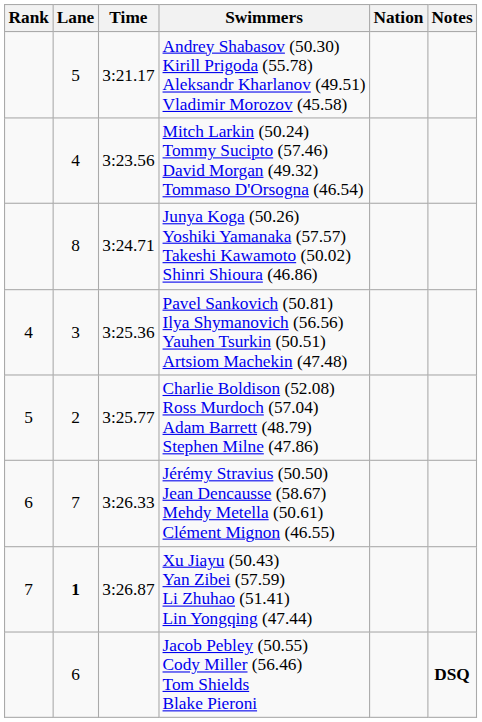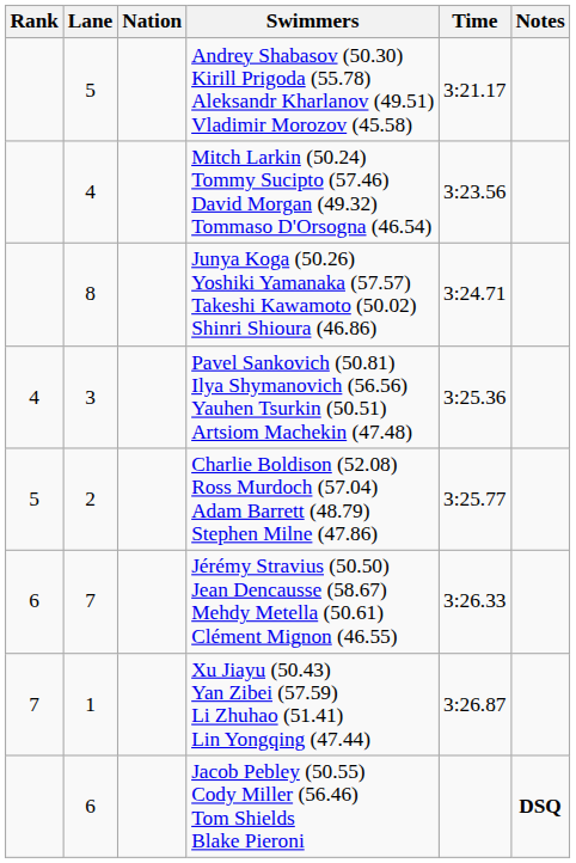 <table class="wikitable sortable" style="text-align:center">
 <tr>
 <th>Rank</th>
 <th>Lane</th>
+<th>Nation</th>
+<th>Swimmers</th>
 <th>Time</th>
-<th>Swimmers</th>
-<th>Nation</th>
 <th>Notes</th>
 </tr>
 <tr>
 <td></td>
 <td>5</td>
+<td align=left></td>
+<td align=left><a href='#'>Andrey Shabasov</a> (50.30)<br><a href='#'>Kirill Prigoda</a> (55.78)<br><a href='#'>Aleksandr Kharlanov</a> (49.51)<br><a href='#'>Vladimir Morozov</a> (45.58)</td>
 <td>3:21.17</td>
-<td align=left><a href='#'>Andrey Shabasov</a> (50.30)<br><a href='#'>Kirill Prigoda</a> (55.78)<br><a href='#'>Aleksandr Kharlanov</a> (49.51)<br><a href='#'>Vladimir Morozov</a> (45.58)</td>
-<td align=left></td>
 <td></td>
 </tr>
 <tr>
 <td></td>
 <td>4</td>
+<td align=left></td>
+<td align=left><a href='#'>Mitch Larkin</a> (50.24)<br><a href='#'>Tommy Sucipto</a> (57.46)<br><a href='#'>David Morgan</a> (49.32)<br><a href='#'>Tommaso D'Orsogna</a> (46.54)</td>
 <td>3:23.56</td>
-<td align=left><a href='#'>Mitch Larkin</a> (50.24)<br><a href='#'>Tommy Sucipto</a> (57.46)<br><a href='#'>David Morgan</a> (49.32)<br><a href='#'>Tommaso D'Orsogna</a> (46.54)</td>
-<td align=left></td>
 <td></td>
 </tr>
 <tr>
 <td></td>
 <td>8</td>
+<td align=left></td>
+<td align=left><a href='#'>Junya Koga</a> (50.26)<br><a href='#'>Yoshiki Yamanaka</a> (57.57)<br><a href='#'>Takeshi Kawamoto</a> (50.02)<br><a href='#'>Shinri Shioura</a> (46.86)</td>
 <td>3:24.71</td>
-<td align=left><a href='#'>Junya Koga</a> (50.26)<br><a href='#'>Yoshiki Yamanaka</a> (57.57)<br><a href='#'>Takeshi Kawamoto</a> (50.02)<br><a href='#'>Shinri Shioura</a> (46.86)</td>
-<td align=left></td>
 <td></td>
 </tr>
 <tr>
 <td>4</td>
 <td>3</td>
+<td align=left></td>
+<td align=left><a href='#'>Pavel Sankovich</a> (50.81)<br><a href='#'>Ilya Shymanovich</a> (56.56)<br><a href='#'>Yauhen Tsurkin</a> (50.51)<br><a href='#'>Artsiom Machekin</a> (47.48)</td>
 <td>3:25.36</td>
-<td align=left><a href='#'>Pavel Sankovich</a> (50.81)<br><a href='#'>Ilya Shymanovich</a> (56.56)<br><a href='#'>Yauhen Tsurkin</a> (50.51)<br><a href='#'>Artsiom Machekin</a> (47.48)</td>
-<td align=left></td>
 <td></td>
 </tr>
 <tr>
 <td>5</td>
 <td>2</td>
+<td align=left></td>
+<td align=left><a href='#'>Charlie Boldison</a> (52.08)<br><a href='#'>Ross Murdoch</a> (57.04)<br><a href='#'>Adam Barrett</a> (48.79)<br><a href='#'>Stephen Milne</a> (47.86)</td>
 <td>3:25.77</td>
-<td align=left><a href='#'>Charlie Boldison</a> (52.08)<br><a href='#'>Ross Murdoch</a> (57.04)<br><a href='#'>Adam Barrett</a> (48.79)<br><a href='#'>Stephen Milne</a> (47.86)</td>
-<td align=left></td>
 <td></td>
 </tr>
 <tr>
 <td>6</td>
 <td>7</td>
+<td align=left></td>
+<td align=left><a href='#'>Jérémy Stravius</a> (50.50)<br><a href='#'>Jean Dencausse</a> (58.67)<br><a href='#'>Mehdy Metella</a> (50.61)<br><a href='#'>Clément Mignon</a> (46.55)</td>
 <td>3:26.33</td>
-<td align=left><a href='#'>Jérémy Stravius</a> (50.50)<br><a href='#'>Jean Dencausse</a> (58.67)<br><a href='#'>Mehdy Metella</a> (50.61)<br><a href='#'>Clément Mignon</a> (46.55)</td>
-<td align=left></td>
 <td></td>
 </tr>
 <tr>
 <td>7</td>
-<td><strong>1</strong></td>
+<td>1</td>
+<td align=left></td>
+<td align=left><a href='#'>Xu Jiayu</a> (50.43)<br><a href='#'>Yan Zibei</a> (57.59)<br><a href='#'>Li Zhuhao</a> (51.41)<br><a href='#'>Lin Yongqing</a> (47.44)</td>
 <td>3:26.87</td>
-<td align=left><a href='#'>Xu Jiayu</a> (50.43)<br><a href='#'>Yan Zibei</a> (57.59)<br><a href='#'>Li Zhuhao</a> (51.41)<br><a href='#'>Lin Yongqing</a> (47.44)</td>
-<td align=left></td>
 <td></td>
 </tr>
 <tr>
 <td></td>
 <td>6</td>
+<td align=left></td>
+<td align=left><a href='#'>Jacob Pebley</a> (50.55)<br><a href='#'>Cody Miller</a> (56.46)<br><a href='#'>Tom Shields</a><br><a href='#'>Blake Pieroni</a></td>
 <td></td>
-<td align=left><a href='#'>Jacob Pebley</a> (50.55)<br><a href='#'>Cody Miller</a> (56.46)<br><a href='#'>Tom Shields</a><br><a href='#'>Blake Pieroni</a></td>
-<td align=left></td>
 <td><strong>DSQ</strong></td>
 </tr>
 </table>
